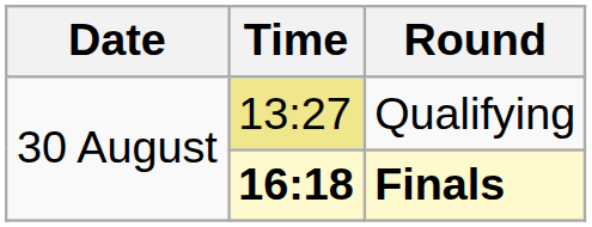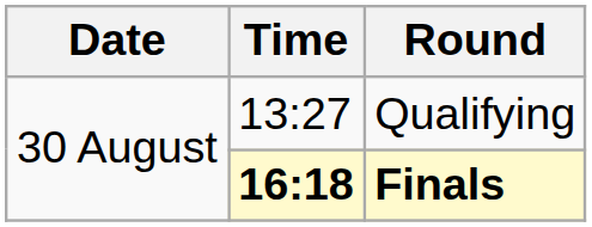 <table class="wikitable">
 <tr>
 <th>Date</th>
 <th>Time</th>
 <th>Round</th>
 </tr>
 <tr>
 <td rowspan=2>30 August</td>
-<td style="background: khaki;">13:27</td>
+<td>13:27</td>
 <td>Qualifying</td>
 </tr>
 <tr style="background:lemonchiffon">
 <td><strong>16:18</strong></td>
 <td><strong>Finals</strong></td>
 </tr>
 </table>
